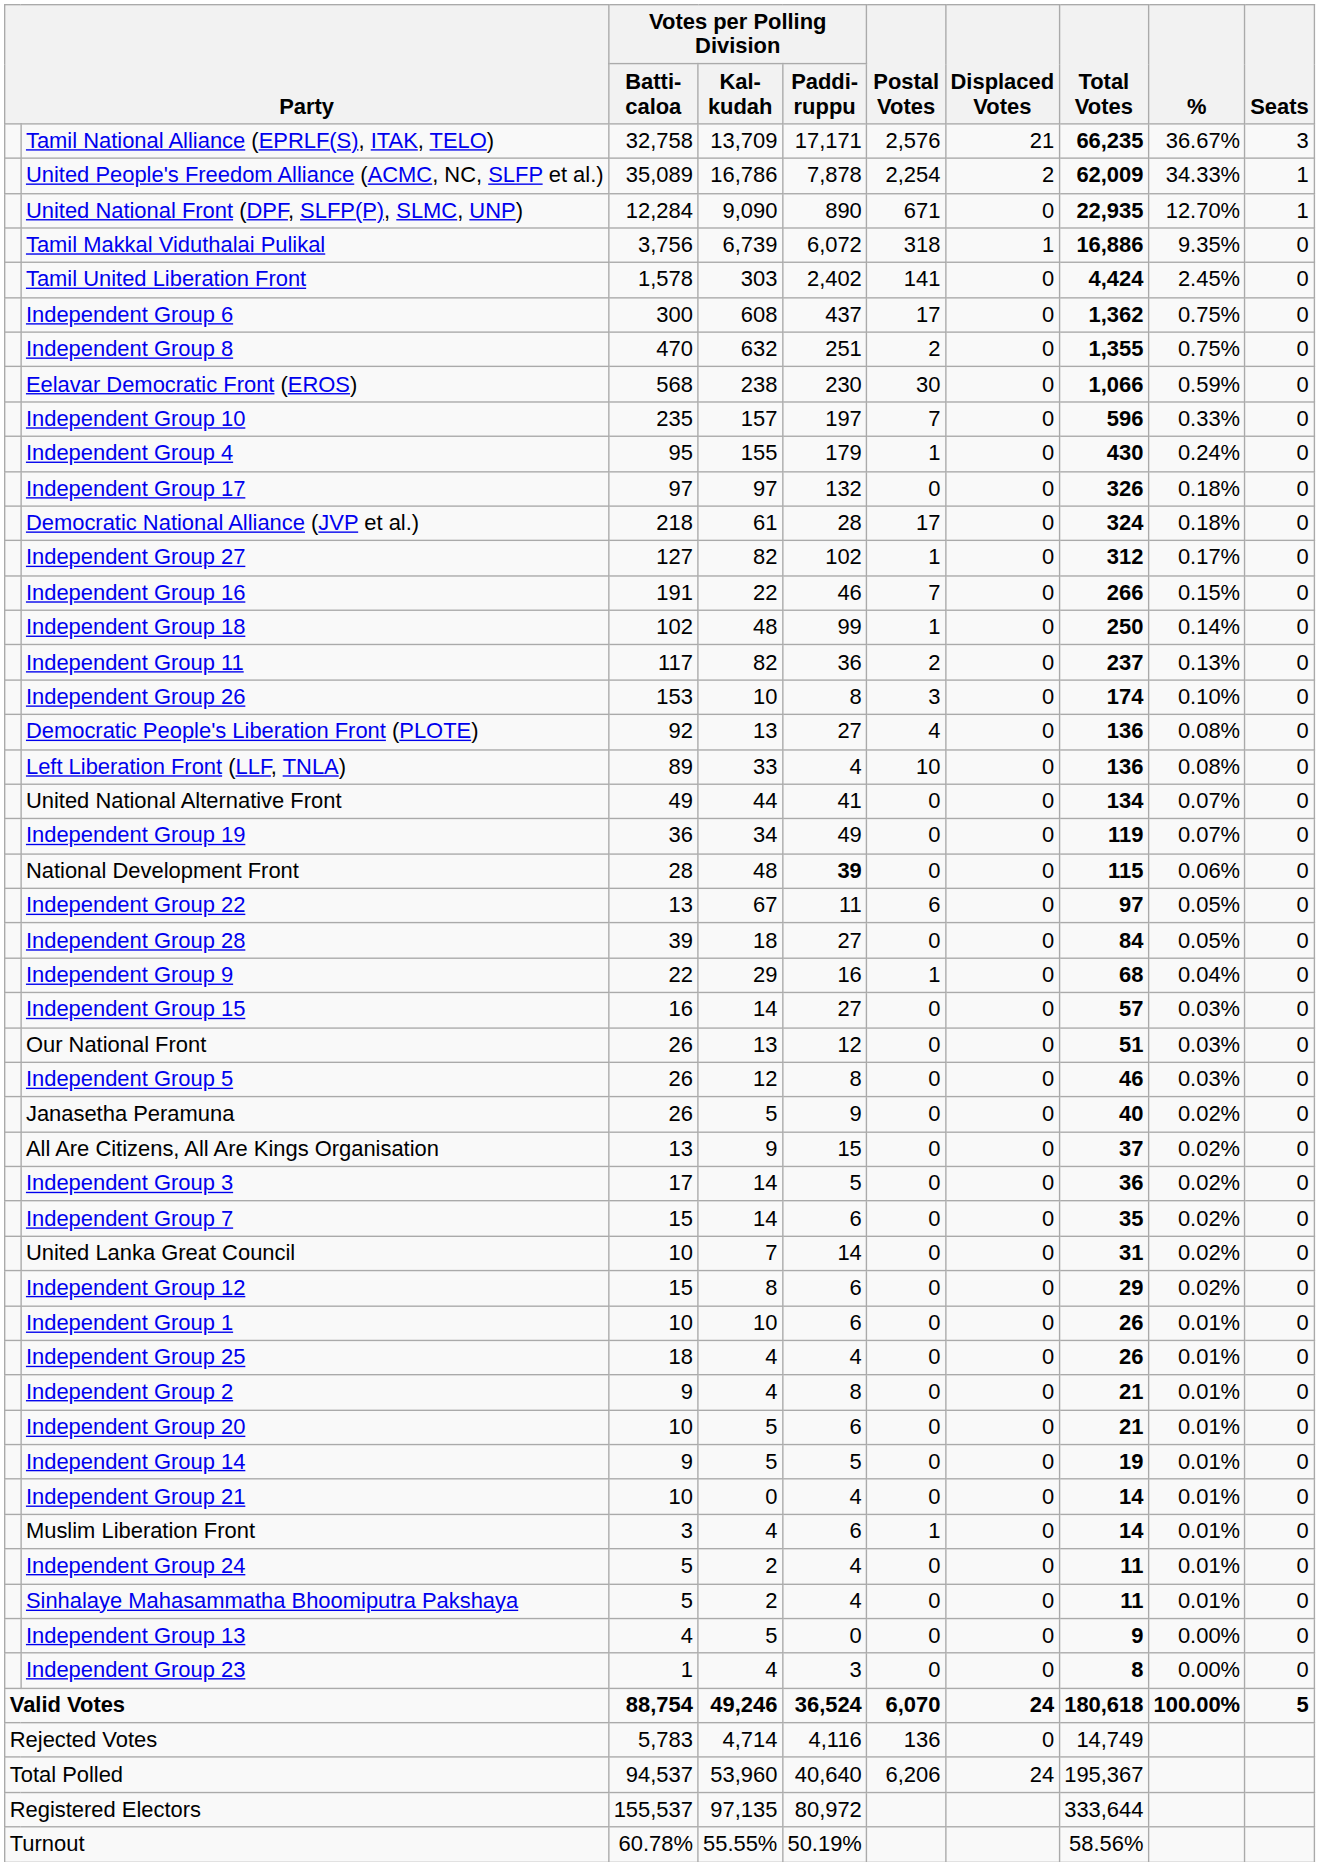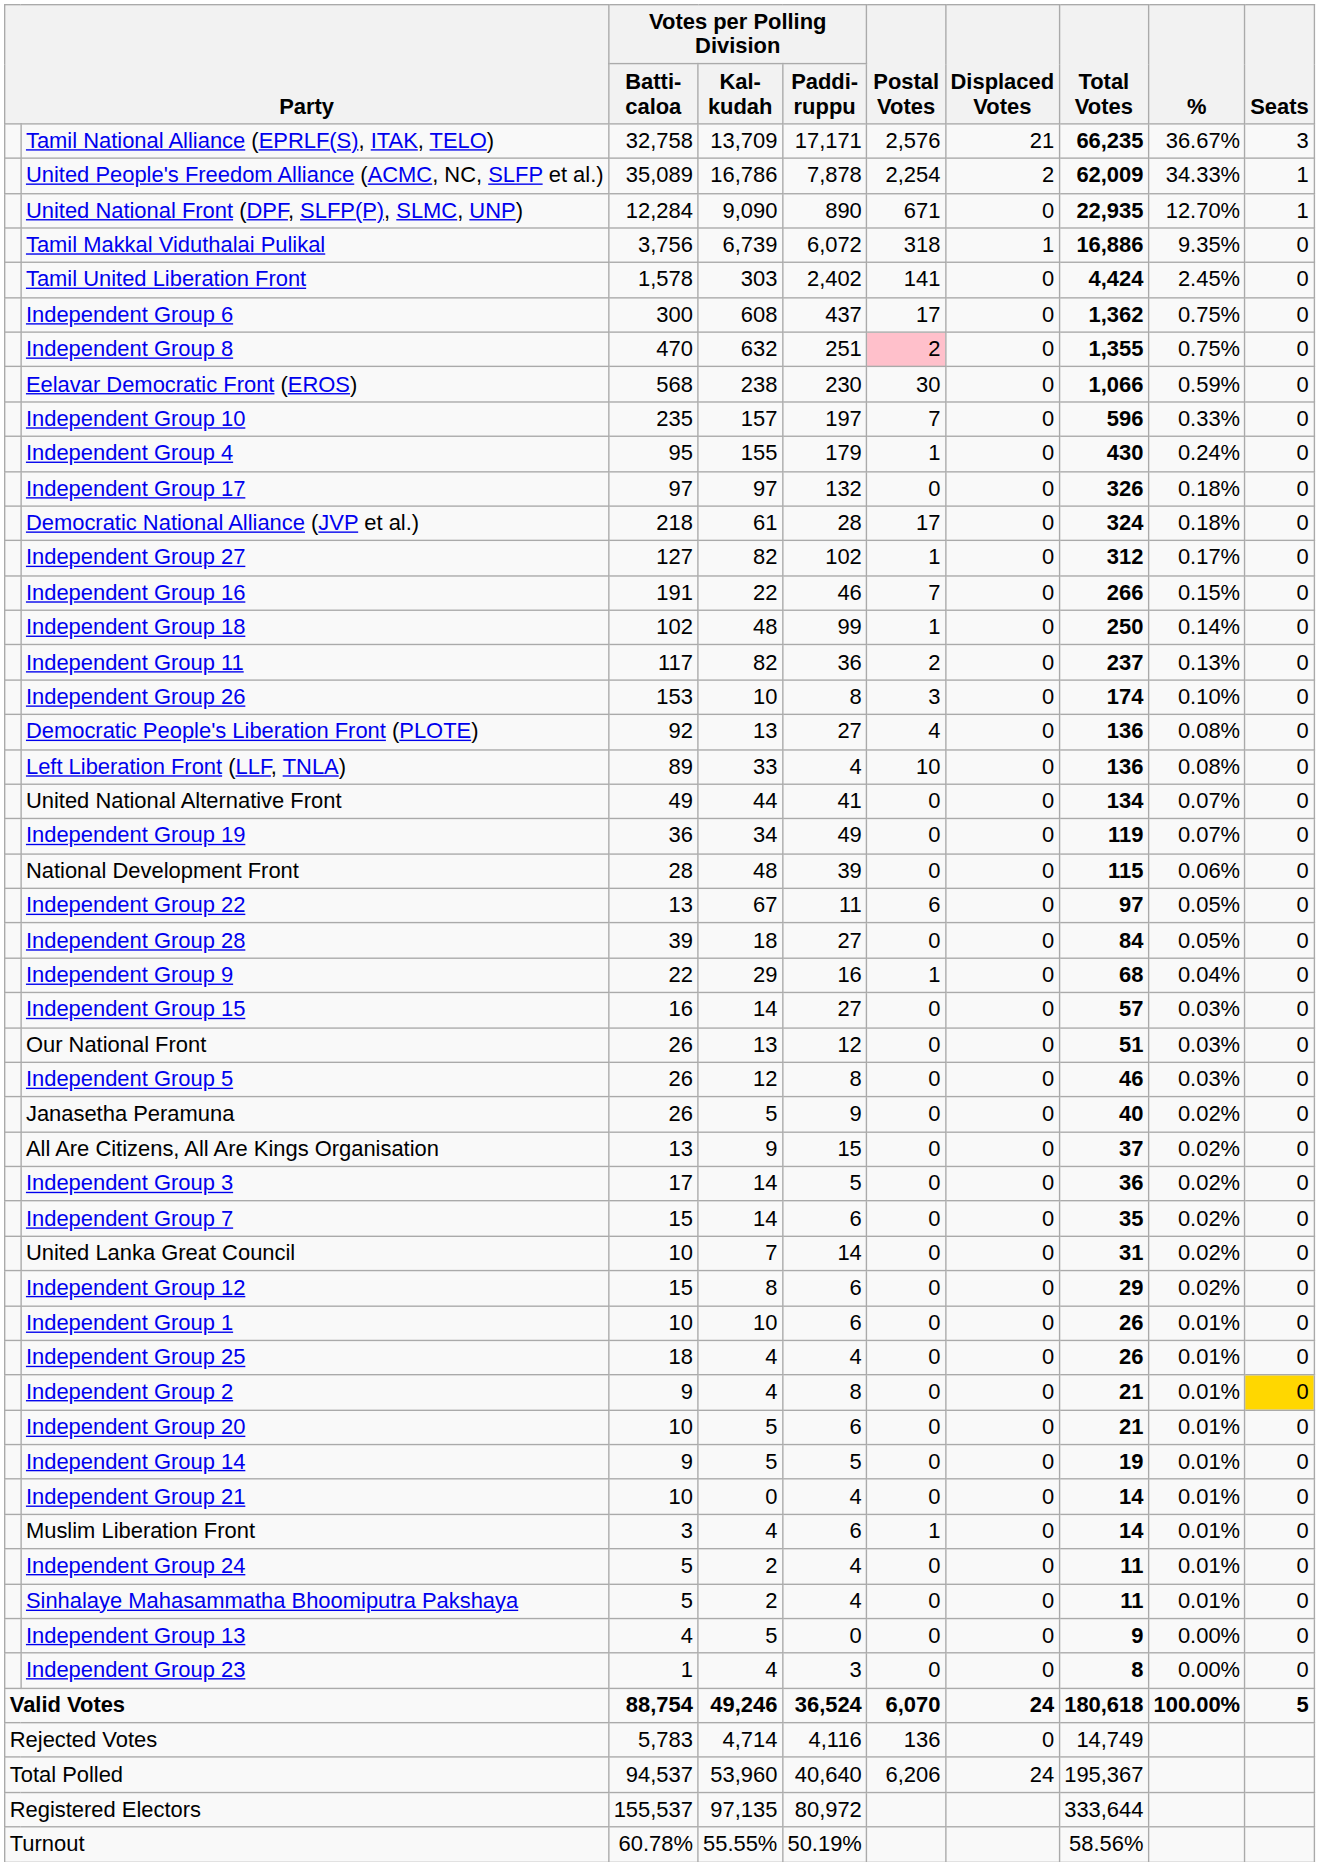 <table class="wikitable" border="1" style="text-align:right;">
 <tr>
 <th align=left valign=bottom rowspan=2 colspan=2>Party</th>
 <th colspan=3>Votes per Polling Division</th>
 <th align=center valign=bottom rowspan=2 width="50">Postal<br>Votes</th>
 <th align=center valign=bottom rowspan=2 width="50">Displaced<br>Votes</th>
 <th align=center valign=bottom rowspan=2 width="50">Total Votes</th>
 <th align=center valign=bottom rowspan=2 width="50">%</th>
 <th align=center valign=bottom rowspan=2 width="40">Seats</th>
 </tr>
 <tr>
 <th align=center valign=bottom width="50">Batti-<br>caloa</th>
 <th align=center valign=bottom width="50">Kal-<br>kudah</th>
 <th align=center valign=bottom width="50">Paddi-<br>ruppu</th>
 </tr>
 <tr>
 <td bgcolor=> </td>
 <td align=left><a href='#'>Tamil National Alliance</a> (<a href='#'>EPRLF(S)</a>, <a href='#'>ITAK</a>, <a href='#'>TELO</a>)</td>
 <td>32,758</td>
 <td>13,709</td>
 <td>17,171</td>
 <td>2,576</td>
 <td>21</td>
 <td><strong>66,235</strong></td>
 <td>36.67%</td>
 <td>3</td>
 </tr>
 <tr>
 <td bgcolor=> </td>
 <td align=left><a href='#'>United People's Freedom Alliance</a> (<a href='#'>ACMC</a>, NC, <a href='#'>SLFP</a> et al.)</td>
 <td>35,089</td>
 <td>16,786</td>
 <td>7,878</td>
 <td>2,254</td>
 <td>2</td>
 <td><strong>62,009</strong></td>
 <td>34.33%</td>
 <td>1</td>
 </tr>
 <tr>
 <td bgcolor=> </td>
 <td align=left><a href='#'>United National Front</a> (<a href='#'>DPF</a>, <a href='#'>SLFP(P)</a>, <a href='#'>SLMC</a>, <a href='#'>UNP</a>)</td>
 <td>12,284</td>
 <td>9,090</td>
 <td>890</td>
 <td>671</td>
 <td>0</td>
 <td><strong>22,935</strong></td>
 <td>12.70%</td>
 <td>1</td>
 </tr>
 <tr>
 <td></td>
 <td align=left><a href='#'>Tamil Makkal Viduthalai Pulikal</a></td>
 <td>3,756</td>
 <td>6,739</td>
 <td>6,072</td>
 <td>318</td>
 <td>1</td>
 <td><strong>16,886</strong></td>
 <td>9.35%</td>
 <td>0</td>
 </tr>
 <tr>
 <td bgcolor=> </td>
 <td align=left><a href='#'>Tamil United Liberation Front</a></td>
 <td>1,578</td>
 <td>303</td>
 <td>2,402</td>
 <td>141</td>
 <td>0</td>
 <td><strong>4,424</strong></td>
 <td>2.45%</td>
 <td>0</td>
 </tr>
 <tr>
 <td bgcolor=> </td>
 <td align=left><a href='#'>Independent Group 6</a></td>
 <td>300</td>
 <td>608</td>
 <td>437</td>
 <td>17</td>
 <td>0</td>
 <td><strong>1,362</strong></td>
 <td>0.75%</td>
 <td>0</td>
 </tr>
 <tr>
 <td bgcolor=> </td>
 <td align=left><a href='#'>Independent Group 8</a></td>
 <td>470</td>
 <td>632</td>
 <td>251</td>
-<td>2</td>
+<td style="background: pink;">2</td>
 <td>0</td>
 <td><strong>1,355</strong></td>
 <td>0.75%</td>
 <td>0</td>
 </tr>
 <tr>
 <td bgcolor=> </td>
 <td align=left><a href='#'>Eelavar Democratic Front</a> (<a href='#'>EROS</a>)</td>
 <td>568</td>
 <td>238</td>
 <td>230</td>
 <td>30</td>
 <td>0</td>
 <td><strong>1,066</strong></td>
 <td>0.59%</td>
 <td>0</td>
 </tr>
 <tr>
 <td bgcolor=> </td>
 <td align=left><a href='#'>Independent Group 10</a></td>
 <td>235</td>
 <td>157</td>
 <td>197</td>
 <td>7</td>
 <td>0</td>
 <td><strong>596</strong></td>
 <td>0.33%</td>
 <td>0</td>
 </tr>
 <tr>
 <td bgcolor=> </td>
 <td align=left><a href='#'>Independent Group 4</a></td>
 <td>95</td>
 <td>155</td>
 <td>179</td>
 <td>1</td>
 <td>0</td>
 <td><strong>430</strong></td>
 <td>0.24%</td>
 <td>0</td>
 </tr>
 <tr>
 <td bgcolor=> </td>
 <td align=left><a href='#'>Independent Group 17</a></td>
 <td>97</td>
 <td>97</td>
 <td>132</td>
 <td>0</td>
 <td>0</td>
 <td><strong>326</strong></td>
 <td>0.18%</td>
 <td>0</td>
 </tr>
 <tr>
 <td bgcolor=> </td>
 <td align=left><a href='#'>Democratic National Alliance</a> (<a href='#'>JVP</a> et al.)</td>
 <td>218</td>
 <td>61</td>
 <td>28</td>
 <td>17</td>
 <td>0</td>
 <td><strong>324</strong></td>
 <td>0.18%</td>
 <td>0</td>
 </tr>
 <tr>
 <td bgcolor=> </td>
 <td align=left><a href='#'>Independent Group 27</a></td>
 <td>127</td>
 <td>82</td>
 <td>102</td>
 <td>1</td>
 <td>0</td>
 <td><strong>312</strong></td>
 <td>0.17%</td>
 <td>0</td>
 </tr>
 <tr>
 <td bgcolor=> </td>
 <td align=left><a href='#'>Independent Group 16</a></td>
 <td>191</td>
 <td>22</td>
 <td>46</td>
 <td>7</td>
 <td>0</td>
 <td><strong>266</strong></td>
 <td>0.15%</td>
 <td>0</td>
 </tr>
 <tr>
 <td bgcolor=> </td>
 <td align=left><a href='#'>Independent Group 18</a></td>
 <td>102</td>
 <td>48</td>
 <td>99</td>
 <td>1</td>
 <td>0</td>
 <td><strong>250</strong></td>
 <td>0.14%</td>
 <td>0</td>
 </tr>
 <tr>
 <td bgcolor=> </td>
 <td align=left><a href='#'>Independent Group 11</a></td>
 <td>117</td>
 <td>82</td>
 <td>36</td>
 <td>2</td>
 <td>0</td>
 <td><strong>237</strong></td>
 <td>0.13%</td>
 <td>0</td>
 </tr>
 <tr>
 <td bgcolor=> </td>
 <td align=left><a href='#'>Independent Group 26</a></td>
 <td>153</td>
 <td>10</td>
 <td>8</td>
 <td>3</td>
 <td>0</td>
 <td><strong>174</strong></td>
 <td>0.10%</td>
 <td>0</td>
 </tr>
 <tr>
 <td bgcolor=> </td>
 <td align=left><a href='#'>Democratic People's Liberation Front</a> (<a href='#'>PLOTE</a>)</td>
 <td>92</td>
 <td>13</td>
 <td>27</td>
 <td>4</td>
 <td>0</td>
 <td><strong>136</strong></td>
 <td>0.08%</td>
 <td>0</td>
 </tr>
 <tr>
 <td bgcolor=> </td>
 <td align=left><a href='#'>Left Liberation Front</a> (<a href='#'>LLF</a>, <a href='#'>TNLA</a>)</td>
 <td>89</td>
 <td>33</td>
 <td>4</td>
 <td>10</td>
 <td>0</td>
 <td><strong>136</strong></td>
 <td>0.08%</td>
 <td>0</td>
 </tr>
 <tr>
 <td></td>
 <td align=left>United National Alternative Front</td>
 <td>49</td>
 <td>44</td>
 <td>41</td>
 <td>0</td>
 <td>0</td>
 <td><strong>134</strong></td>
 <td>0.07%</td>
 <td>0</td>
 </tr>
 <tr>
 <td bgcolor=> </td>
 <td align=left><a href='#'>Independent Group 19</a></td>
 <td>36</td>
 <td>34</td>
 <td>49</td>
 <td>0</td>
 <td>0</td>
 <td><strong>119</strong></td>
 <td>0.07%</td>
 <td>0</td>
 </tr>
 <tr>
 <td></td>
 <td align=left>National Development Front</td>
 <td>28</td>
 <td>48</td>
-<td><strong>39</strong></td>
+<td>39</td>
 <td>0</td>
 <td>0</td>
 <td><strong>115</strong></td>
 <td>0.06%</td>
 <td>0</td>
 </tr>
 <tr>
 <td bgcolor=> </td>
 <td align=left><a href='#'>Independent Group 22</a></td>
 <td>13</td>
 <td>67</td>
 <td>11</td>
 <td>6</td>
 <td>0</td>
 <td><strong>97</strong></td>
 <td>0.05%</td>
 <td>0</td>
 </tr>
 <tr>
 <td bgcolor=> </td>
 <td align=left><a href='#'>Independent Group 28</a></td>
 <td>39</td>
 <td>18</td>
 <td>27</td>
 <td>0</td>
 <td>0</td>
 <td><strong>84</strong></td>
 <td>0.05%</td>
 <td>0</td>
 </tr>
 <tr>
 <td bgcolor=> </td>
 <td align=left><a href='#'>Independent Group 9</a></td>
 <td>22</td>
 <td>29</td>
 <td>16</td>
 <td>1</td>
 <td>0</td>
 <td><strong>68</strong></td>
 <td>0.04%</td>
 <td>0</td>
 </tr>
 <tr>
 <td bgcolor=> </td>
 <td align=left><a href='#'>Independent Group 15</a></td>
 <td>16</td>
 <td>14</td>
 <td>27</td>
 <td>0</td>
 <td>0</td>
 <td><strong>57</strong></td>
 <td>0.03%</td>
 <td>0</td>
 </tr>
 <tr>
 <td></td>
 <td align=left>Our National Front</td>
 <td>26</td>
 <td>13</td>
 <td>12</td>
 <td>0</td>
 <td>0</td>
 <td><strong>51</strong></td>
 <td>0.03%</td>
 <td>0</td>
 </tr>
 <tr>
 <td bgcolor=> </td>
 <td align=left><a href='#'>Independent Group 5</a></td>
 <td>26</td>
 <td>12</td>
 <td>8</td>
 <td>0</td>
 <td>0</td>
 <td><strong>46</strong></td>
 <td>0.03%</td>
 <td>0</td>
 </tr>
 <tr>
 <td></td>
 <td align=left>Janasetha Peramuna</td>
 <td>26</td>
 <td>5</td>
 <td>9</td>
 <td>0</td>
 <td>0</td>
 <td><strong>40</strong></td>
 <td>0.02%</td>
 <td>0</td>
 </tr>
 <tr>
 <td></td>
 <td align=left>All Are Citizens, All Are Kings Organisation</td>
 <td>13</td>
 <td>9</td>
 <td>15</td>
 <td>0</td>
 <td>0</td>
 <td><strong>37</strong></td>
 <td>0.02%</td>
 <td>0</td>
 </tr>
 <tr>
 <td bgcolor=> </td>
 <td align=left><a href='#'>Independent Group 3</a></td>
 <td>17</td>
 <td>14</td>
 <td>5</td>
 <td>0</td>
 <td>0</td>
 <td><strong>36</strong></td>
 <td>0.02%</td>
 <td>0</td>
 </tr>
 <tr>
 <td bgcolor=> </td>
 <td align=left><a href='#'>Independent Group 7</a></td>
 <td>15</td>
 <td>14</td>
 <td>6</td>
 <td>0</td>
 <td>0</td>
 <td><strong>35</strong></td>
 <td>0.02%</td>
 <td>0</td>
 </tr>
 <tr>
 <td></td>
 <td align=left>United Lanka Great Council</td>
 <td>10</td>
 <td>7</td>
 <td>14</td>
 <td>0</td>
 <td>0</td>
 <td><strong>31</strong></td>
 <td>0.02%</td>
 <td>0</td>
 </tr>
 <tr>
 <td bgcolor=> </td>
 <td align=left><a href='#'>Independent Group 12</a></td>
 <td>15</td>
 <td>8</td>
 <td>6</td>
 <td>0</td>
 <td>0</td>
 <td><strong>29</strong></td>
 <td>0.02%</td>
 <td>0</td>
 </tr>
 <tr>
 <td bgcolor=> </td>
 <td align=left><a href='#'>Independent Group 1</a></td>
 <td>10</td>
 <td>10</td>
 <td>6</td>
 <td>0</td>
 <td>0</td>
 <td><strong>26</strong></td>
 <td>0.01%</td>
 <td>0</td>
 </tr>
 <tr>
 <td bgcolor=> </td>
 <td align=left><a href='#'>Independent Group 25</a></td>
 <td>18</td>
 <td>4</td>
 <td>4</td>
 <td>0</td>
 <td>0</td>
 <td><strong>26</strong></td>
 <td>0.01%</td>
 <td>0</td>
 </tr>
 <tr>
 <td bgcolor=> </td>
 <td align=left><a href='#'>Independent Group 2</a></td>
 <td>9</td>
 <td>4</td>
 <td>8</td>
 <td>0</td>
 <td>0</td>
 <td><strong>21</strong></td>
 <td>0.01%</td>
-<td>0</td>
+<td style="background: gold;">0</td>
 </tr>
 <tr>
 <td bgcolor=> </td>
 <td align=left><a href='#'>Independent Group 20</a></td>
 <td>10</td>
 <td>5</td>
 <td>6</td>
 <td>0</td>
 <td>0</td>
 <td><strong>21</strong></td>
 <td>0.01%</td>
 <td>0</td>
 </tr>
 <tr>
 <td bgcolor=> </td>
 <td align=left><a href='#'>Independent Group 14</a></td>
 <td>9</td>
 <td>5</td>
 <td>5</td>
 <td>0</td>
 <td>0</td>
 <td><strong>19</strong></td>
 <td>0.01%</td>
 <td>0</td>
 </tr>
 <tr>
 <td bgcolor=> </td>
 <td align=left><a href='#'>Independent Group 21</a></td>
 <td>10</td>
 <td>0</td>
 <td>4</td>
 <td>0</td>
 <td>0</td>
 <td><strong>14</strong></td>
 <td>0.01%</td>
 <td>0</td>
 </tr>
 <tr>
 <td></td>
 <td align=left>Muslim Liberation Front</td>
 <td>3</td>
 <td>4</td>
 <td>6</td>
 <td>1</td>
 <td>0</td>
 <td><strong>14</strong></td>
 <td>0.01%</td>
 <td>0</td>
 </tr>
 <tr>
 <td bgcolor=> </td>
 <td align=left><a href='#'>Independent Group 24</a></td>
 <td>5</td>
 <td>2</td>
 <td>4</td>
 <td>0</td>
 <td>0</td>
 <td><strong>11</strong></td>
 <td>0.01%</td>
 <td>0</td>
 </tr>
 <tr>
 <td bgcolor=> </td>
 <td align=left><a href='#'>Sinhalaye Mahasammatha Bhoomiputra Pakshaya</a></td>
 <td>5</td>
 <td>2</td>
 <td>4</td>
 <td>0</td>
 <td>0</td>
 <td><strong>11</strong></td>
 <td>0.01%</td>
 <td>0</td>
 </tr>
 <tr>
 <td bgcolor=> </td>
 <td align=left><a href='#'>Independent Group 13</a></td>
 <td>4</td>
 <td>5</td>
 <td>0</td>
 <td>0</td>
 <td>0</td>
 <td><strong>9</strong></td>
 <td>0.00%</td>
 <td>0</td>
 </tr>
 <tr>
 <td bgcolor=> </td>
 <td align=left><a href='#'>Independent Group 23</a></td>
 <td>1</td>
 <td>4</td>
 <td>3</td>
 <td>0</td>
 <td>0</td>
 <td><strong>8</strong></td>
 <td>0.00%</td>
 <td>0</td>
 </tr>
 <tr>
 <td align=left colspan=2><strong>Valid Votes</strong></td>
 <td><strong>88,754</strong></td>
 <td><strong>49,246</strong></td>
 <td><strong>36,524</strong></td>
 <td><strong>6,070</strong></td>
 <td><strong>24</strong></td>
 <td><strong>180,618</strong></td>
 <td><strong>100.00%</strong></td>
 <td><strong>5</strong></td>
 </tr>
 <tr>
 <td align=left colspan=2>Rejected Votes</td>
 <td>5,783</td>
 <td>4,714</td>
 <td>4,116</td>
 <td>136</td>
 <td>0</td>
 <td>14,749</td>
 <td></td>
 <td></td>
 </tr>
 <tr>
 <td align=left colspan=2>Total Polled</td>
 <td>94,537</td>
 <td>53,960</td>
 <td>40,640</td>
 <td>6,206</td>
 <td>24</td>
 <td>195,367</td>
 <td></td>
 <td></td>
 </tr>
 <tr>
 <td align=left colspan=2>Registered Electors</td>
 <td>155,537</td>
 <td>97,135</td>
 <td>80,972</td>
 <td></td>
 <td></td>
 <td>333,644</td>
 <td></td>
 <td></td>
 </tr>
 <tr>
 <td align=left colspan=2>Turnout</td>
 <td>60.78%</td>
 <td>55.55%</td>
 <td>50.19%</td>
 <td></td>
 <td></td>
 <td>58.56%</td>
 <td></td>
 <td></td>
 </tr>
 </table>
